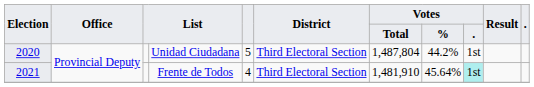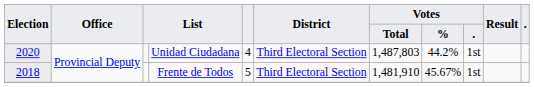 <table class="wikitable" style="font-size:90%; text-align:center;">
 <tr>
 <th style="background-color:#EAECF0;" rowspan=2>Election</th>
 <th style="background-color:#EAECF0;" rowspan=2>Office</th>
 <th style="background-color:#EAECF0;" colspan=2 rowspan=2>List</th>
 <th style="background-color:#EAECF0;" rowspan=2></th>
 <th style="background-color:#EAECF0;" rowspan=2>District</th>
 <th style="background-color:#EAECF0;" colspan=3>Votes</th>
 <th style="background-color:#EAECF0;" rowspan=2>Result</th>
 <th style="background-color:#EAECF0;" rowspan=2>.</th>
 </tr>
 <tr>
 <th style="background-color:#EAECF0;">Total</th>
 <th style="background-color:#EAECF0;">%</th>
 <th style="background-color:#EAECF0;">.</th>
 </tr>
 <tr>
 <td style="background-color:#EAECF0;"><a href='#'>2020</a></td>
 <td rowspan="2"><a href='#'>Provincial Deputy</a></td>
 <td style="background-color:"></td>
 <td><a href='#'>Unidad Ciudadana</a></td>
-<td>5</td>
+<td>4</td>
 <td><a href='#'>Third Electoral Section</a></td>
-<td>1,487,804</td>
+<td>1,487,803</td>
 <td>44.2%</td>
 <td>1st</td>
 <td></td>
 <td></td>
 </tr>
 <tr>
-<td style="background-color:#EAECF0;"><a href='#'>2021</a></td>
+<td style="background-color:#EAECF0;"><a href='#'>2018</a></td>
 <td style="background-color:"></td>
 <td><a href='#'>Frente de Todos</a></td>
-<td>4</td>
+<td>5</td>
 <td><a href='#'>Third Electoral Section</a></td>
 <td>1,481,910</td>
-<td>45.64%</td>
-<td style="background: paleturquoise;">1st</td>
+<td>45.67%</td>
+<td>1st</td>
 <td></td>
 <td></td>
 </tr>
 <tr>
 </tr>
 </table>
